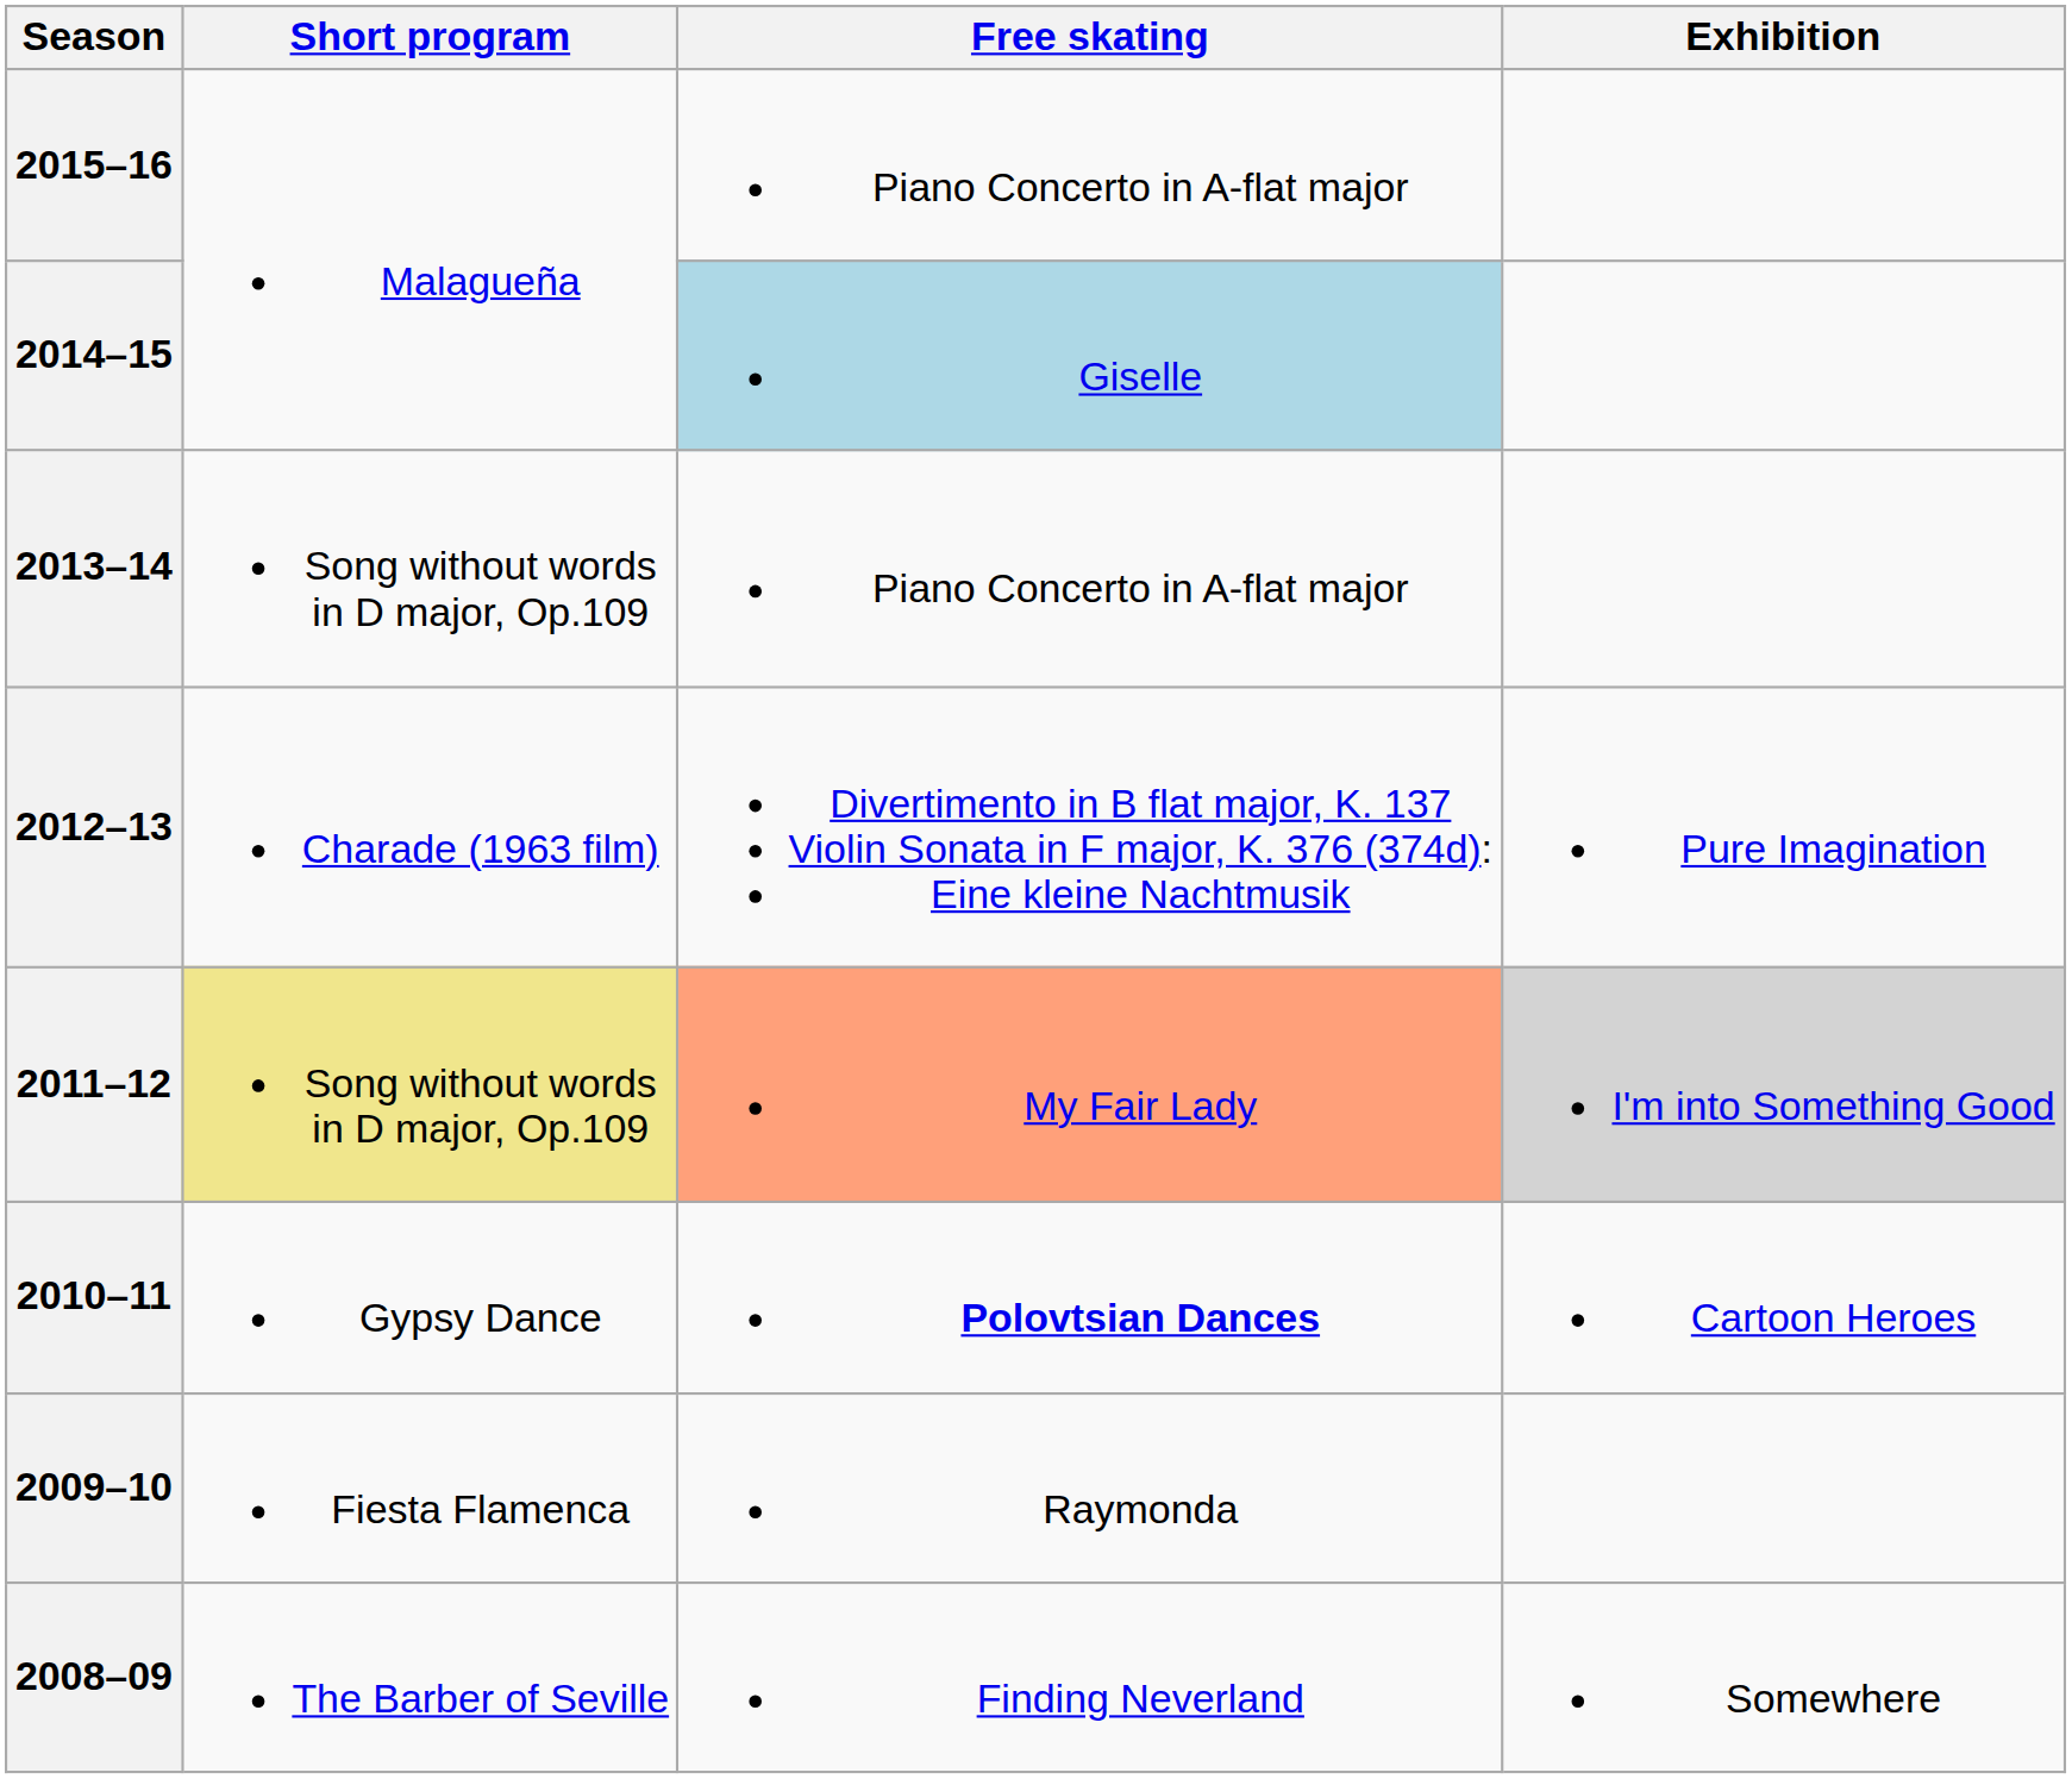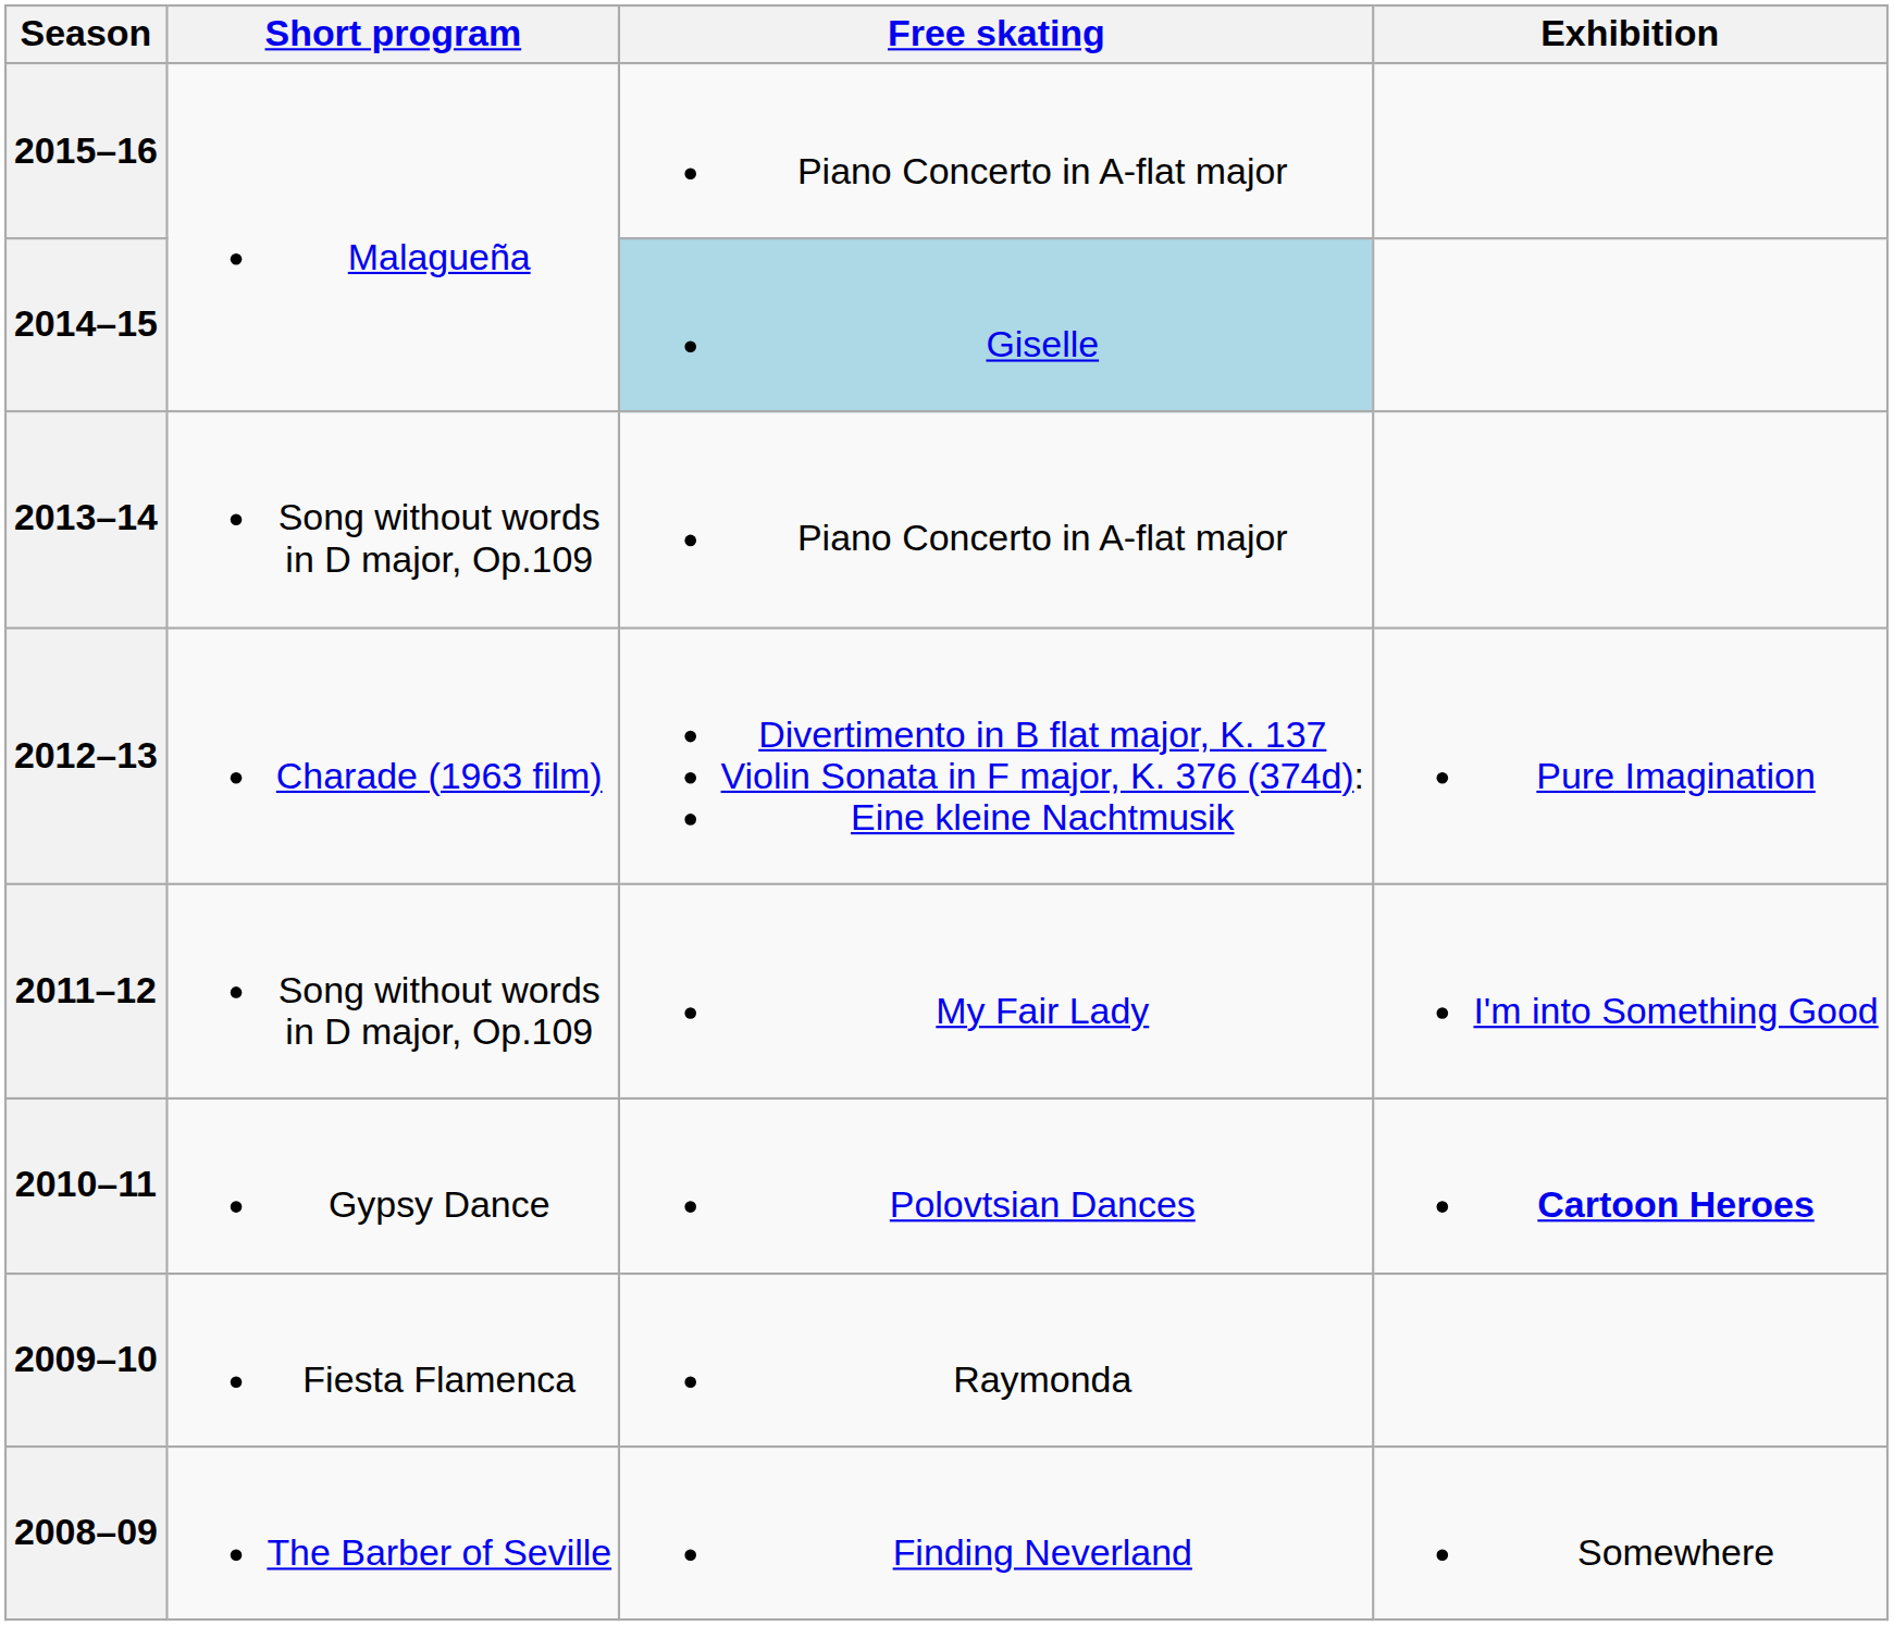 <table class="wikitable" style="text-align:center">
 <tr>
 <th>Season</th>
 <th><a href='#'>Short program</a></th>
 <th><a href='#'>Free skating</a></th>
 <th>Exhibition</th>
 </tr>
 <tr>
 <th>2015–16 <br> </th>
 <td rowspan=2><br><ul><li><a href='#'>Malagueña</a> <br></li></ul></td>
 <td><br><ul><li>Piano Concerto in A-flat major <br></li></ul></td>
 <td></td>
 </tr>
 <tr>
 <th>2014–15 <br> </th>
 <td style="background: lightblue;"><br><ul><li><a href='#'>Giselle</a> <br></li></ul></td>
 <td></td>
 </tr>
 <tr>
 <th>2013–14 <br> </th>
 <td><br><ul><li>Song without words <br> in D major, Op.109 <br></li></ul></td>
 <td><br><ul><li>Piano Concerto in A-flat major <br></li></ul></td>
 <td></td>
 </tr>
 <tr>
 <th>2012–13 <br> </th>
 <td><br><ul><li><a href='#'>Charade (1963 film)</a></li></ul></td>
 <td><br><ul><li><a href='#'>Divertimento in B flat major, K. 137</a> <br></li><li><a href='#'>Violin Sonata in F major, K. 376 (374d)</a>: <br></li><li><a href='#'>Eine kleine Nachtmusik</a> <br></li></ul></td>
 <td><br><ul><li><a href='#'>Pure Imagination</a></li></ul></td>
 </tr>
 <tr>
 <th>2011–12 <br> </th>
-<td style="background: khaki;"><br><ul><li>Song without words <br> in D major, Op.109 <br></li></ul></td>
-<td style="background: lightsalmon;"><br><ul><li><a href='#'>My Fair Lady</a> <br></li></ul></td>
-<td style="background: lightgrey;"><br><ul><li><a href='#'>I'm into Something Good</a> <br></li></ul></td>
+<td><br><ul><li>Song without words <br> in D major, Op.109 <br></li></ul></td>
+<td><br><ul><li><a href='#'>My Fair Lady</a> <br></li></ul></td>
+<td><br><ul><li><a href='#'>I'm into Something Good</a> <br></li></ul></td>
 </tr>
 <tr>
 <th>2010–11 <br> </th>
 <td><br><ul><li>Gypsy Dance <br></li></ul></td>
-<td><strong><br><ul><li><a href='#'>Polovtsian Dances</a> <br></li></ul></strong></td>
-<td><br><ul><li><a href='#'>Cartoon Heroes</a> <br></li></ul></td>
+<td><br><ul><li><a href='#'>Polovtsian Dances</a> <br></li></ul></td>
+<td><strong><br><ul><li><a href='#'>Cartoon Heroes</a> <br></li></ul></strong></td>
 </tr>
 <tr>
 <th>2009–10 <br> </th>
 <td><br><ul><li>Fiesta Flamenca <br></li></ul></td>
 <td><br><ul><li>Raymonda <br></li></ul></td>
 <td></td>
 </tr>
 <tr>
 <th>2008–09 <br> </th>
 <td><br><ul><li><a href='#'>The Barber of Seville</a><br></li></ul></td>
 <td><br><ul><li><a href='#'>Finding Neverland</a> <br></li></ul></td>
 <td><br><ul><li>Somewhere <br></li></ul></td>
 </tr>
 </table>
